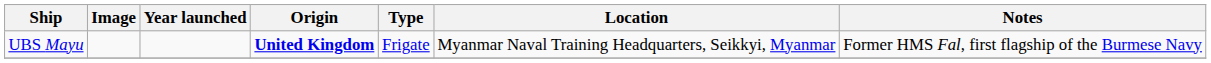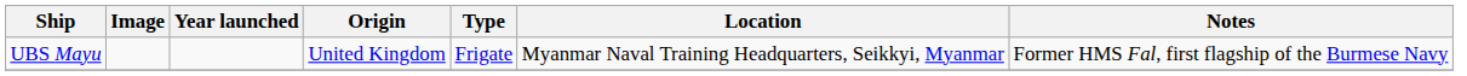 <table class="wikitable sortable">
 <tr>
 <th>Ship</th>
 <th>Image</th>
 <th>Year launched</th>
 <th>Origin</th>
 <th>Type</th>
 <th>Location</th>
 <th>Notes</th>
 </tr>
 <tr>
 <td data-sort-value=Mayu><a href='#'>UBS <em>Mayu</em></a></td>
 <td></td>
 <td></td>
-<td><strong> <a href='#'>United Kingdom</a></strong></td>
+<td> <a href='#'>United Kingdom</a></td>
 <td><a href='#'>Frigate</a></td>
 <td>Myanmar Naval Training Headquarters, Seikkyi, <a href='#'>Myanmar</a></td>
 <td>Former HMS <em>Fal</em>, first flagship of the <a href='#'>Burmese Navy</a></td>
 </tr>
 <tr>
 </tr>
 </table>
